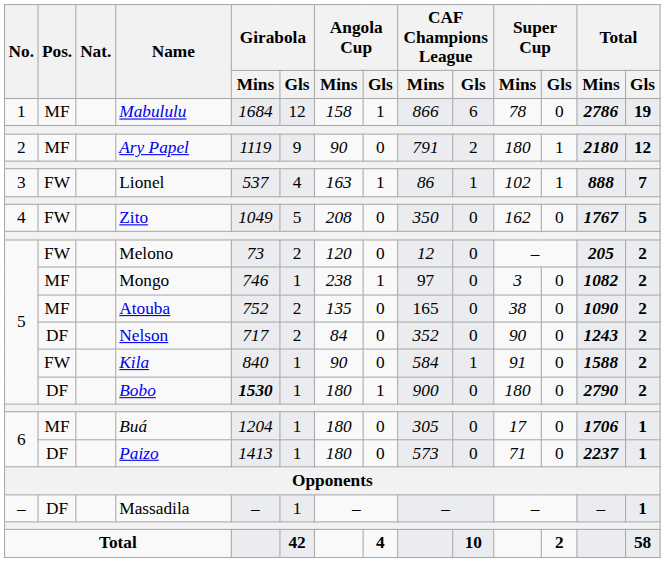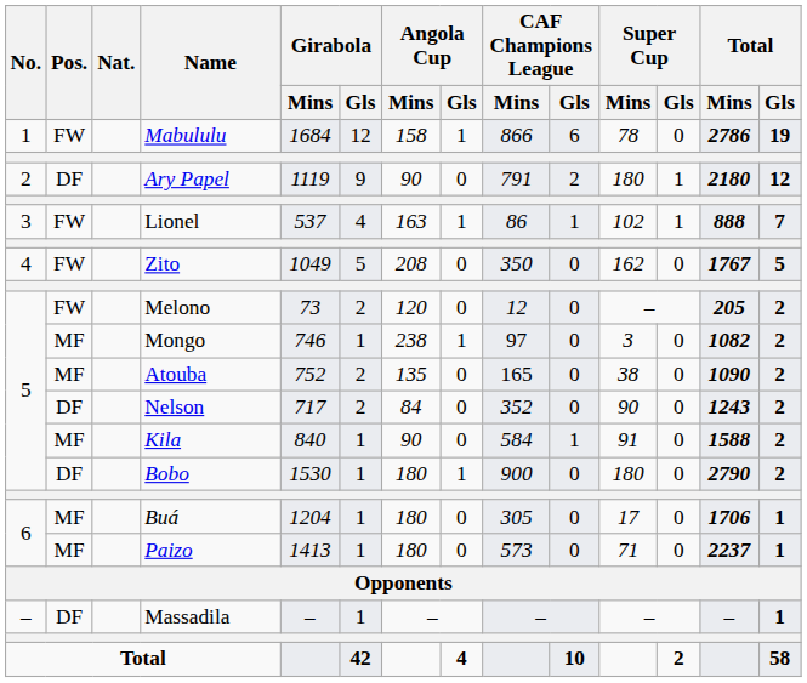 <table class="wikitable sortable" style="text-align:center">
 <tr>
 <th style="text-align:center;" rowspan="2">No.</th>
 <th style="text-align:center;" rowspan="2">Pos.</th>
 <th style="text-align:center;" rowspan="2">Nat.</th>
 <th style="text-align:center; width:100px;" rowspan="2">Name</th>
 <th style="text-align:center; width:100px;" colspan="2">Girabola</th>
 <th style="text-align:center; width:100px;" colspan="2">Angola Cup</th>
 <th style="text-align:center; width:100px;" colspan="2">CAF Champions League</th>
 <th style="text-align:center; width:100px;" colspan="2">Super Cup</th>
 <th style="text-align:center; width:100px;" colspan="2">Total</th>
 </tr>
 <tr>
 <th style="text-align:center;">Mins</th>
 <th style="text-align:center;">Gls</th>
 <th style="text-align:center;">Mins</th>
 <th style="text-align:center;">Gls</th>
 <th style="text-align:center;">Mins</th>
 <th style="text-align:center;">Gls</th>
 <th style="text-align:center;">Mins</th>
 <th style="text-align:center;">Gls</th>
 <th style="text-align:center;">Mins</th>
 <th style="text-align:center;">Gls</th>
 </tr>
 <tr>
 <td>1</td>
-<td data-sort-value="3">MF</td>
+<td>FW</td>
 <td></td>
 <td align=left><em><a href='#'>Mabululu</a></em></td>
 <td style="background:#eaecf0;"><em>1684</em></td>
 <td style="background:#eaecf0;">12</td>
 <td><em>158</em></td>
 <td>1</td>
 <td style="background:#eaecf0;"><em>866</em></td>
 <td style="background:#eaecf0;">6</td>
 <td><em>78</em></td>
 <td>0</td>
 <td style="background:#eaecf0;"><strong><em>2786</em></strong></td>
 <td style="background:#eaecf0;"><strong>19</strong></td>
 </tr>
 <tr>
 <th colspan=14></th>
 </tr>
 <tr>
 <td>2</td>
-<td data-sort-value="3">MF</td>
+<td data-sort-value="3">DF</td>
 <td></td>
 <td align=left><em><a href='#'>Ary Papel</a></em></td>
 <td style="background:#eaecf0;"><em>1119</em></td>
 <td style="background:#eaecf0;">9</td>
 <td><em>90</em></td>
 <td>0</td>
 <td style="background:#eaecf0;"><em>791</em></td>
 <td style="background:#eaecf0;">2</td>
 <td><em>180</em></td>
 <td>1</td>
 <td style="background:#eaecf0;"><strong><em>2180</em></strong></td>
 <td style="background:#eaecf0;"><strong>12</strong></td>
 </tr>
 <tr>
 <th colspan=14></th>
 </tr>
 <tr>
 <td>3</td>
 <td>FW</td>
 <td></td>
 <td align=left>Lionel</td>
 <td style="background:#eaecf0;"><em>537</em></td>
 <td style="background:#eaecf0;">4</td>
 <td><em>163</em></td>
 <td>1</td>
 <td style="background:#eaecf0;"><em>86</em></td>
 <td style="background:#eaecf0;">1</td>
 <td><em>102</em></td>
 <td>1</td>
 <td style="background:#eaecf0;"><strong><em>888</em></strong></td>
 <td style="background:#eaecf0;"><strong>7</strong></td>
 </tr>
 <tr>
 <th colspan=14></th>
 </tr>
 <tr>
 <td>4</td>
 <td>FW</td>
 <td></td>
 <td align=left><a href='#'>Zito</a></td>
 <td style="background:#eaecf0;"><em>1049</em></td>
 <td style="background:#eaecf0;">5</td>
 <td><em>208</em></td>
 <td>0</td>
 <td style="background:#eaecf0;"><em>350</em></td>
 <td style="background:#eaecf0;">0</td>
 <td><em>162</em></td>
 <td>0</td>
 <td style="background:#eaecf0;"><strong><em>1767</em></strong></td>
 <td style="background:#eaecf0;"><strong>5</strong></td>
 </tr>
 <tr>
 <th colspan=14></th>
 </tr>
 <tr>
 <td rowspan=6>5</td>
 <td>FW</td>
 <td></td>
 <td align=left>Melono</td>
 <td style="background:#eaecf0;"><em>73</em></td>
 <td style="background:#eaecf0;">2</td>
 <td><em>120</em></td>
 <td>0</td>
 <td style="background:#eaecf0;"><em>12</em></td>
 <td style="background:#eaecf0;">0</td>
 <td colspan=2>–</td>
 <td style="background:#eaecf0;"><strong><em>205</em></strong></td>
 <td style="background:#eaecf0;"><strong>2</strong></td>
 </tr>
 <tr>
 <td>MF</td>
 <td></td>
 <td align=left>Mongo</td>
 <td style="background:#eaecf0;"><em>746</em></td>
 <td style="background:#eaecf0;">1</td>
 <td><em>238</em></td>
 <td>1</td>
 <td style="background:#eaecf0;">97</td>
 <td style="background:#eaecf0;">0</td>
 <td><em>3</em></td>
 <td>0</td>
 <td style="background:#eaecf0;"><strong><em>1082</em></strong></td>
 <td style="background:#eaecf0;"><strong>2</strong></td>
 </tr>
 <tr>
 <td data-sort-value="3">MF</td>
 <td></td>
 <td align=left><a href='#'>Atouba</a></td>
 <td style="background:#eaecf0;"><em>752</em></td>
 <td style="background:#eaecf0;">2</td>
 <td><em>135</em></td>
 <td>0</td>
 <td style="background:#eaecf0;">165</td>
 <td style="background:#eaecf0;">0</td>
 <td><em>38</em></td>
 <td>0</td>
 <td style="background:#eaecf0;"><strong><em>1090</em></strong></td>
 <td style="background:#eaecf0;"><strong>2</strong></td>
 </tr>
 <tr>
 <td>DF</td>
 <td></td>
 <td align=left><a href='#'>Nelson</a></td>
 <td style="background:#eaecf0;"><em>717</em></td>
 <td style="background:#eaecf0;">2</td>
 <td><em>84</em></td>
 <td>0</td>
 <td style="background:#eaecf0;"><em>352</em></td>
 <td style="background:#eaecf0;">0</td>
 <td><em>90</em></td>
 <td>0</td>
 <td style="background:#eaecf0;"><strong><em>1243</em></strong></td>
 <td style="background:#eaecf0;"><strong>2</strong></td>
 </tr>
 <tr>
-<td>FW</td>
+<td data-sort-value="3">MF</td>
 <td></td>
 <td align=left><em><a href='#'>Kila</a></em></td>
 <td style="background:#eaecf0;"><em>840</em></td>
 <td style="background:#eaecf0;">1</td>
 <td><em>90</em></td>
 <td>0</td>
 <td style="background:#eaecf0;"><em>584</em></td>
 <td style="background:#eaecf0;">1</td>
 <td><em>91</em></td>
 <td>0</td>
 <td style="background:#eaecf0;"><strong><em>1588</em></strong></td>
 <td style="background:#eaecf0;"><strong>2</strong></td>
 </tr>
 <tr>
 <td data-sort-value="3">DF</td>
 <td></td>
 <td align=left><em><a href='#'>Bobo</a></em></td>
-<td style="background:#eaecf0;"><strong><em>1530</em></strong></td>
+<td style="background:#eaecf0;"><em>1530</em></td>
 <td style="background:#eaecf0;">1</td>
 <td><em>180</em></td>
 <td>1</td>
 <td style="background:#eaecf0;"><em>900</em></td>
 <td style="background:#eaecf0;">0</td>
 <td><em>180</em></td>
 <td>0</td>
 <td style="background:#eaecf0;"><strong><em>2790</em></strong></td>
 <td style="background:#eaecf0;"><strong>2</strong></td>
 </tr>
 <tr>
 <th colspan=14></th>
 </tr>
 <tr>
 <td rowspan=2>6</td>
 <td>MF</td>
 <td></td>
 <td align=left><em>Buá</em></td>
 <td style="background:#eaecf0;"><em>1204</em></td>
 <td style="background:#eaecf0;">1</td>
 <td><em>180</em></td>
 <td>0</td>
 <td style="background:#eaecf0;"><em>305</em></td>
 <td style="background:#eaecf0;">0</td>
 <td><em>17</em></td>
 <td>0</td>
 <td style="background:#eaecf0;"><strong><em>1706</em></strong></td>
 <td style="background:#eaecf0;"><strong>1</strong></td>
 </tr>
 <tr>
-<td data-sort-value="3">DF</td>
+<td data-sort-value="3">MF</td>
 <td></td>
 <td align=left><em><a href='#'>Paizo</a></em></td>
 <td style="background:#eaecf0;"><em>1413</em></td>
 <td style="background:#eaecf0;">1</td>
 <td><em>180</em></td>
 <td>0</td>
 <td style="background:#eaecf0;"><em>573</em></td>
 <td style="background:#eaecf0;">0</td>
 <td><em>71</em></td>
 <td>0</td>
 <td style="background:#eaecf0;"><strong><em>2237</em></strong></td>
 <td style="background:#eaecf0;"><strong>1</strong></td>
 </tr>
 <tr>
 <th colspan=14>Opponents</th>
 </tr>
 <tr>
 <td data-sort-value="3">–</td>
 <td>DF</td>
 <td></td>
 <td align=left>Massadila</td>
 <td style="background:#eaecf0;">–</td>
 <td style="background:#eaecf0;">1</td>
 <td colspan=2>–</td>
 <td colspan=2 style="background:#eaecf0;">–</td>
 <td colspan=2>–</td>
 <td style="background:#eaecf0;">–</td>
 <td style="background:#eaecf0;"><strong>1</strong></td>
 </tr>
 <tr>
 <th colspan=14></th>
 </tr>
 <tr>
 <td colspan=4><strong>Total</strong></td>
 <td style="background:#eaecf0;"></td>
 <td style="background:#eaecf0;"><strong>42</strong></td>
 <td></td>
 <td><strong>4</strong></td>
 <td style="background:#eaecf0;"></td>
 <td style="background:#eaecf0;"><strong>10</strong></td>
 <td></td>
 <td><strong>2</strong></td>
 <td style="background:#eaecf0;"></td>
 <td style="background:#eaecf0;"><strong>58</strong></td>
 </tr>
 </table>
